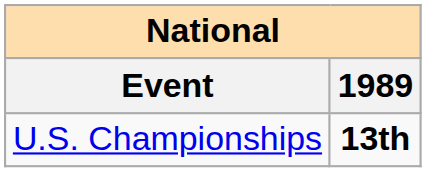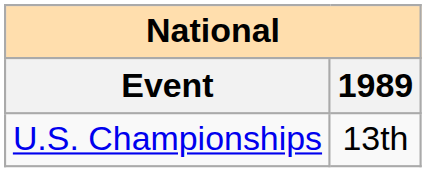 <table class="wikitable" style="text-align:center">
 <tr>
 <th style="background-color: #ffdead; " colspan=2 align=center><strong>National</strong></th>
 </tr>
 <tr>
 <th>Event</th>
 <th>1989</th>
 </tr>
 <tr>
 <td align=left><a href='#'>U.S. Championships</a></td>
-<td><strong>13th</strong></td>
+<td>13th</td>
 </tr>
 </table>
